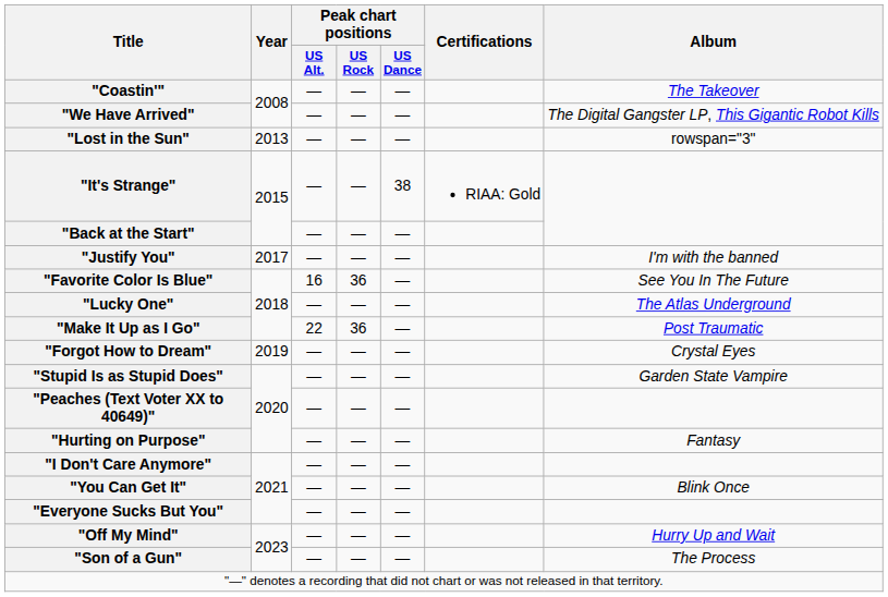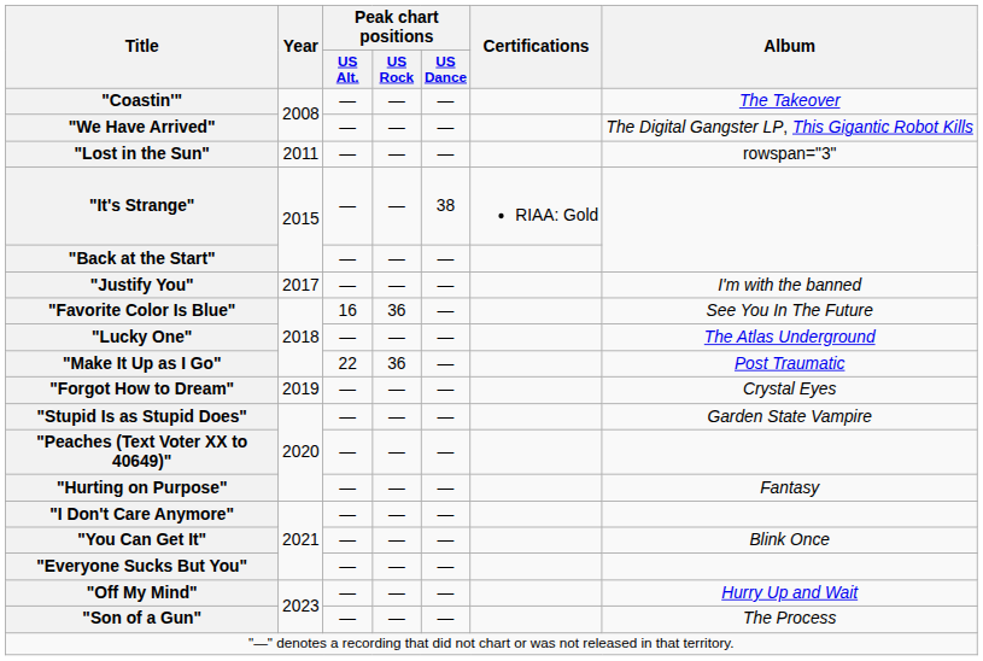 <table class="wikitable plainrowheaders" style="text-align:center;">
 <tr>
 <th rowspan="2" scope="col" style="width:16em;">Title</th>
 <th rowspan="2" scope="col">Year</th>
 <th colspan="3" scope="col">Peak chart positions</th>
 <th rowspan="2" scope="col">Certifications</th>
 <th rowspan="2" scope="col">Album</th>
 </tr>
 <tr>
 <th scope="col" style="width:3em;font-size:85%;"><a href='#'>US Alt.</a><br></th>
 <th scope="col" style="width:3em;font-size:85%;"><a href='#'>US Rock</a><br></th>
 <th scope="col" style="width:3em;font-size:85%;"><a href='#'>US Dance</a><br></th>
 </tr>
 <tr>
 <th scope="row">"Coastin'"<br></th>
 <td rowspan="2">2008</td>
 <td>—</td>
 <td>—</td>
 <td>—</td>
 <td></td>
 <td><a href='#'><em>The Takeover</em></a></td>
 </tr>
 <tr>
 <th scope="row">"We Have Arrived"<br></th>
 <td>—</td>
 <td>—</td>
 <td>—</td>
 <td></td>
 <td><em>The Digital Gangster LP</em>, <em><a href='#'>This Gigantic Robot Kills</a></em></td>
 </tr>
 <tr>
 <th scope="row">"Lost in the Sun"<br></th>
-<td>2013</td>
+<td>2011</td>
 <td>—</td>
 <td>—</td>
 <td>—</td>
 <td></td>
 <td>rowspan="3" </td>
 </tr>
 <tr>
 <th scope="row">"It's Strange"<br></th>
 <td rowspan="2">2015</td>
 <td>—</td>
 <td>—</td>
 <td>38</td>
 <td><br><ul><li>RIAA: Gold</li></ul></td>
 </tr>
 <tr>
 <th scope="row">"Back at the Start"<br></th>
 <td>—</td>
 <td>—</td>
 <td>—</td>
 <td></td>
 </tr>
 <tr>
 <th scope="row">"Justify You"<br></th>
 <td>2017</td>
 <td>—</td>
 <td>—</td>
 <td>—</td>
 <td></td>
 <td><em>I'm with the banned</em></td>
 </tr>
 <tr>
 <th scope="row">"Favorite Color Is Blue"<br></th>
 <td rowspan="3">2018</td>
 <td>16</td>
 <td>36</td>
 <td>—</td>
 <td></td>
 <td><em>See You In The Future</em></td>
 </tr>
 <tr>
 <th scope="row">"Lucky One"<br></th>
 <td>—</td>
 <td>—</td>
 <td>—</td>
 <td></td>
 <td><em><a href='#'>The Atlas Underground</a></em></td>
 </tr>
 <tr>
 <th scope="row">"Make It Up as I Go"<br></th>
 <td>22</td>
 <td>36</td>
 <td>—</td>
 <td></td>
 <td><a href='#'><em>Post Traumatic</em></a></td>
 </tr>
 <tr>
 <th scope="row">"Forgot How to Dream"<br></th>
 <td>2019</td>
 <td>—</td>
 <td>—</td>
 <td>—</td>
 <td></td>
 <td><em>Crystal Eyes</em></td>
 </tr>
 <tr>
 <th scope="row">"Stupid Is as Stupid Does"<br></th>
 <td rowspan="3">2020</td>
 <td>—</td>
 <td>—</td>
 <td>—</td>
 <td></td>
 <td><em>Garden State Vampire</em></td>
 </tr>
 <tr>
 <th scope="row">"Peaches (Text Voter XX to 40649)"<br></th>
 <td>—</td>
 <td>—</td>
 <td>—</td>
 <td></td>
 <td></td>
 </tr>
 <tr>
 <th scope="row">"Hurting on Purpose"<br></th>
 <td>—</td>
 <td>—</td>
 <td>—</td>
 <td></td>
 <td><em>Fantasy</em></td>
 </tr>
 <tr>
 <th scope="row">"I Don't Care Anymore"<br></th>
 <td rowspan="3">2021</td>
 <td>—</td>
 <td>—</td>
 <td>—</td>
 <td></td>
 <td></td>
 </tr>
 <tr>
 <th scope="row">"You Can Get It"<br></th>
 <td>—</td>
 <td>—</td>
 <td>—</td>
 <td></td>
 <td><em>Blink Once</em></td>
 </tr>
 <tr>
 <th scope="row">"Everyone Sucks But You"<br></th>
 <td>—</td>
 <td>—</td>
 <td>—</td>
 <td></td>
 <td></td>
 </tr>
 <tr>
 <th scope="row">"Off My Mind"<br></th>
 <td rowspan="2">2023</td>
 <td>—</td>
 <td>—</td>
 <td>—</td>
 <td></td>
 <td><a href='#'><em>Hurry Up and Wait</em></a></td>
 </tr>
 <tr>
 <th scope="row">"Son of a Gun"<br></th>
 <td>—</td>
 <td>—</td>
 <td>—</td>
 <td></td>
 <td><em>The Process</em></td>
 </tr>
 <tr>
 <td colspan="7" style="font-size:85%">"—" denotes a recording that did not chart or was not released in that territory.</td>
 </tr>
 </table>
